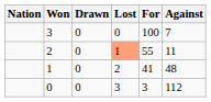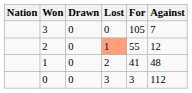 <table class="wikitable">
 <tr>
 <th>Nation</th>
 <th>Won</th>
 <th>Drawn</th>
 <th>Lost</th>
 <th>For</th>
 <th>Against</th>
 </tr>
 <tr>
 <td></td>
 <td>3</td>
 <td>0</td>
 <td>0</td>
-<td>100</td>
+<td>105</td>
 <td>7</td>
 </tr>
 <tr>
 <td></td>
 <td>2</td>
 <td>0</td>
 <td style="background: lightsalmon;">1</td>
 <td>55</td>
-<td>11</td>
+<td>12</td>
 </tr>
 <tr>
 <td></td>
 <td>1</td>
 <td>0</td>
 <td>2</td>
 <td>41</td>
 <td>48</td>
 </tr>
 <tr>
 <td></td>
 <td>0</td>
 <td>0</td>
 <td>3</td>
 <td>3</td>
 <td>112</td>
 </tr>
 </table>
